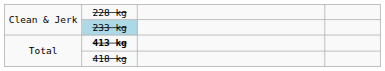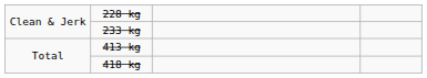 <table class = "wikitable" style="text-align:center;">
 <tr>
 <td width=100 rowspan=2>Clean & Jerk</td>
 <td width=70><s>228 kg</s></td>
 <td width=250 align=left><s></s></td>
 <td width=70><s></s></td>
 </tr>
 <tr>
-<td style="background: lightblue;"><s>233 kg</s></td>
+<td><s>233 kg</s></td>
 <td align=left><s></s></td>
 <td><s></s></td>
 </tr>
 <tr>
 <td rowspan=2>Total</td>
-<td><strong><s>413 kg</s></strong></td>
+<td><s>413 kg</s></td>
 <td align=left><s></s></td>
 <td><s></s></td>
 </tr>
 <tr>
 <td><s>418 kg</s></td>
 <td align=left><s></s></td>
 <td><s></s></td>
 </tr>
 </table>
